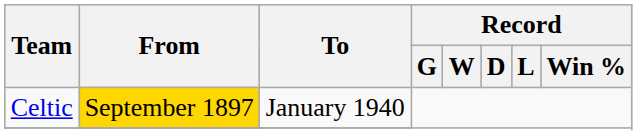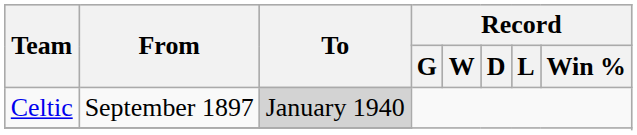 <table class="wikitable" border="1">
 <tr>
 <th rowspan=2>Team</th>
 <th rowspan=2>From</th>
 <th rowspan=2>To</th>
 <th colspan=5>Record</th>
 </tr>
 <tr>
 <th>G</th>
 <th>W</th>
 <th>D</th>
 <th>L</th>
 <th>Win %</th>
 </tr>
 <tr>
 <td align="left"><a href='#'>Celtic</a></td>
-<td align="left" style="background: gold;">September 1897</td>
-<td align="left">January 1940<br></td>
+<td align="left">September 1897</td>
+<td align="left" style="background: lightgrey;">January 1940<br></td>
 </tr>
 <tr>
 </tr>
 </table>
